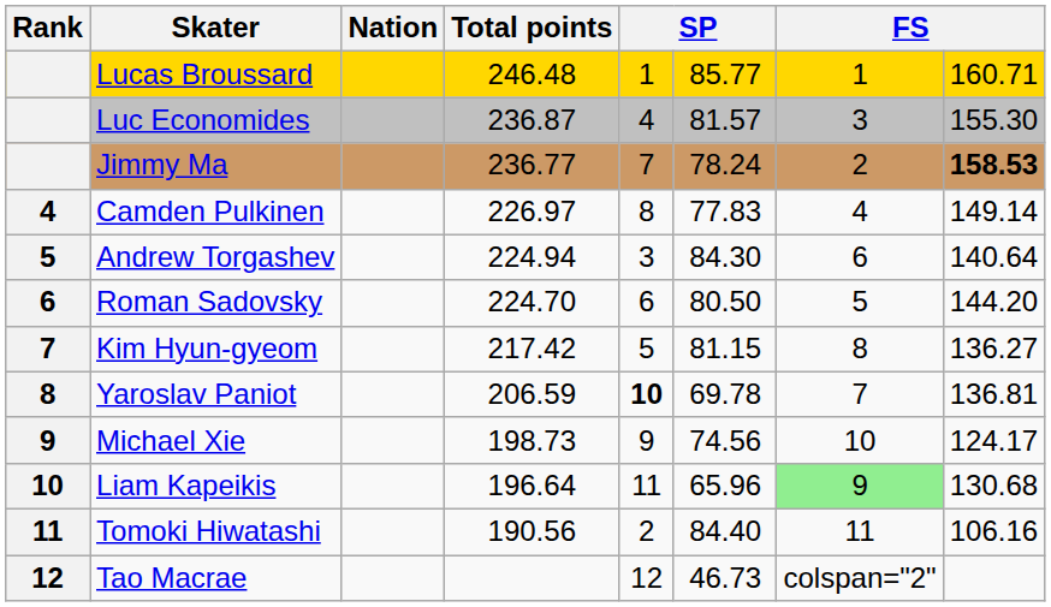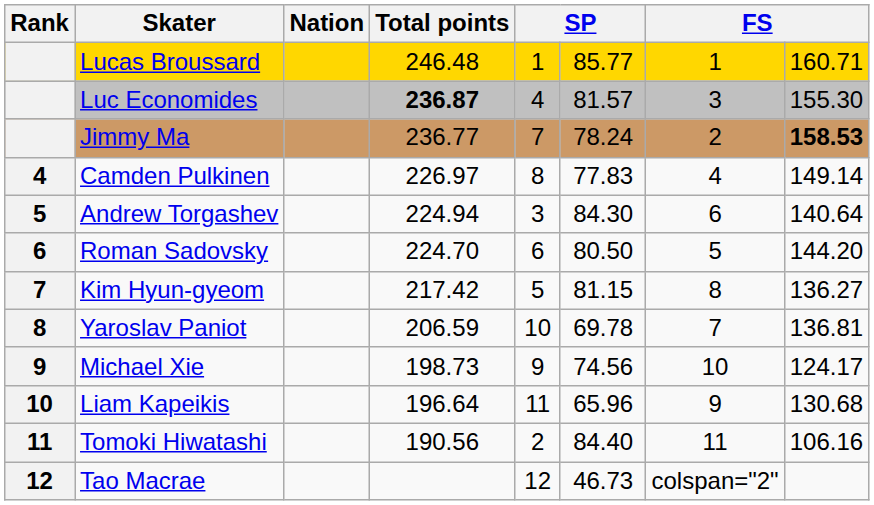 <table class="wikitable sortable" style="text-align:center">
 <tr>
 <th scope="col">Rank</th>
 <th scope="col">Skater</th>
 <th scope="col">Nation</th>
 <th scope="col">Total points</th>
 <th scope="col" colspan="2" width="80px"><a href='#'>SP</a></th>
 <th scope="col" colspan="2" width="80px"><a href='#'>FS</a></th>
 </tr>
 <tr bgcolor="gold">
 <th scope="row"></th>
 <td align="left"><a href='#'>Lucas Broussard</a></td>
 <td align="left"></td>
 <td>246.48</td>
 <td>1</td>
 <td>85.77</td>
 <td>1</td>
 <td>160.71</td>
 </tr>
 <tr bgcolor="silver">
 <th scope="row"></th>
 <td align="left"><a href='#'>Luc Economides</a></td>
 <td align="left"></td>
-<td>236.87</td>
+<td><strong>236.87</strong></td>
 <td>4</td>
 <td>81.57</td>
 <td>3</td>
 <td>155.30</td>
 </tr>
 <tr bgcolor="cc9966">
 <th scope="row"></th>
 <td align="left"><a href='#'>Jimmy Ma</a></td>
 <td align="left"></td>
 <td>236.77</td>
 <td>7</td>
 <td>78.24</td>
 <td>2</td>
 <td><strong>158.53</strong></td>
 </tr>
 <tr>
 <th scope="row">4</th>
 <td align="left"><a href='#'>Camden Pulkinen</a></td>
 <td align="left"></td>
 <td>226.97</td>
 <td>8</td>
 <td>77.83</td>
 <td>4</td>
 <td>149.14</td>
 </tr>
 <tr>
 <th scope="row">5</th>
 <td align="left"><a href='#'>Andrew Torgashev</a></td>
 <td align="left"></td>
 <td>224.94</td>
 <td>3</td>
 <td>84.30</td>
 <td>6</td>
 <td>140.64</td>
 </tr>
 <tr>
 <th scope="row">6</th>
 <td align="left"><a href='#'>Roman Sadovsky</a></td>
 <td align="left"></td>
 <td>224.70</td>
 <td>6</td>
 <td>80.50</td>
 <td>5</td>
 <td>144.20</td>
 </tr>
 <tr>
 <th scope="row">7</th>
 <td align="left"><a href='#'>Kim Hyun-gyeom</a></td>
 <td align="left"></td>
 <td>217.42</td>
 <td>5</td>
 <td>81.15</td>
 <td>8</td>
 <td>136.27</td>
 </tr>
 <tr>
 <th scope="row">8</th>
 <td align="left"><a href='#'>Yaroslav Paniot</a></td>
 <td align="left"></td>
 <td>206.59</td>
-<td><strong>10</strong></td>
+<td>10</td>
 <td>69.78</td>
 <td>7</td>
 <td>136.81</td>
 </tr>
 <tr>
 <th scope="row">9</th>
 <td align="left"><a href='#'>Michael Xie</a></td>
 <td align="left"></td>
 <td>198.73</td>
 <td>9</td>
 <td>74.56</td>
 <td>10</td>
 <td>124.17</td>
 </tr>
 <tr>
 <th scope="row">10</th>
 <td align="left"><a href='#'>Liam Kapeikis</a></td>
 <td align="left"></td>
 <td>196.64</td>
 <td>11</td>
 <td>65.96</td>
-<td style="background: lightgreen;">9</td>
+<td>9</td>
 <td>130.68</td>
 </tr>
 <tr>
 <th scope="row">11</th>
 <td align="left"><a href='#'>Tomoki Hiwatashi</a></td>
 <td align="left"></td>
 <td>190.56</td>
 <td>2</td>
 <td>84.40</td>
 <td>11</td>
 <td>106.16</td>
 </tr>
 <tr>
 <th scope="row">12</th>
 <td align="left"><a href='#'>Tao Macrae</a></td>
 <td align="left"></td>
 <td></td>
 <td>12</td>
 <td>46.73</td>
 <td>colspan="2" </td>
 </tr>
 </table>
